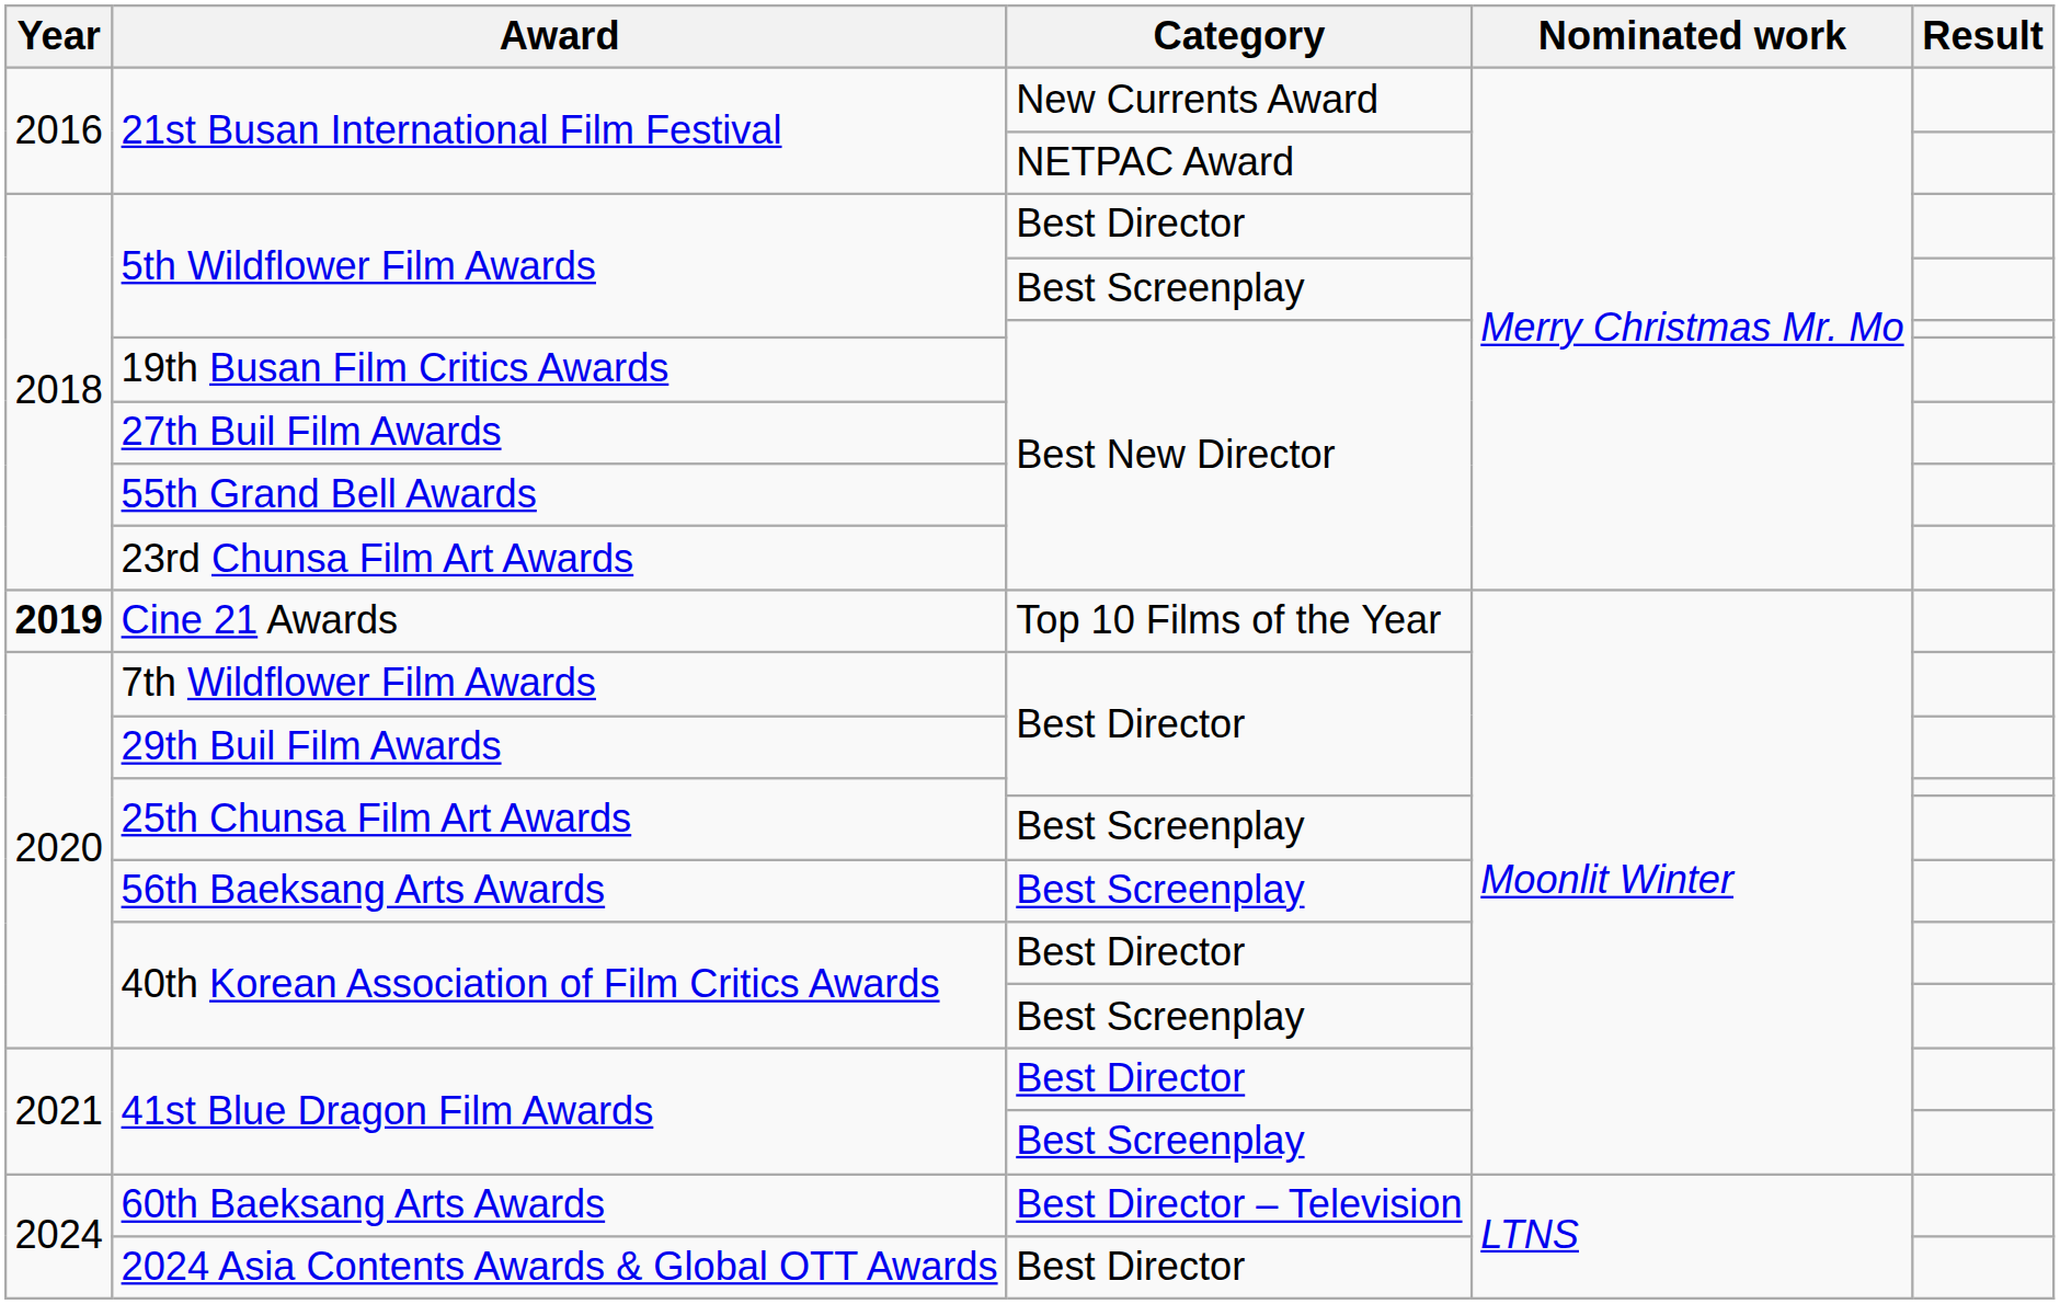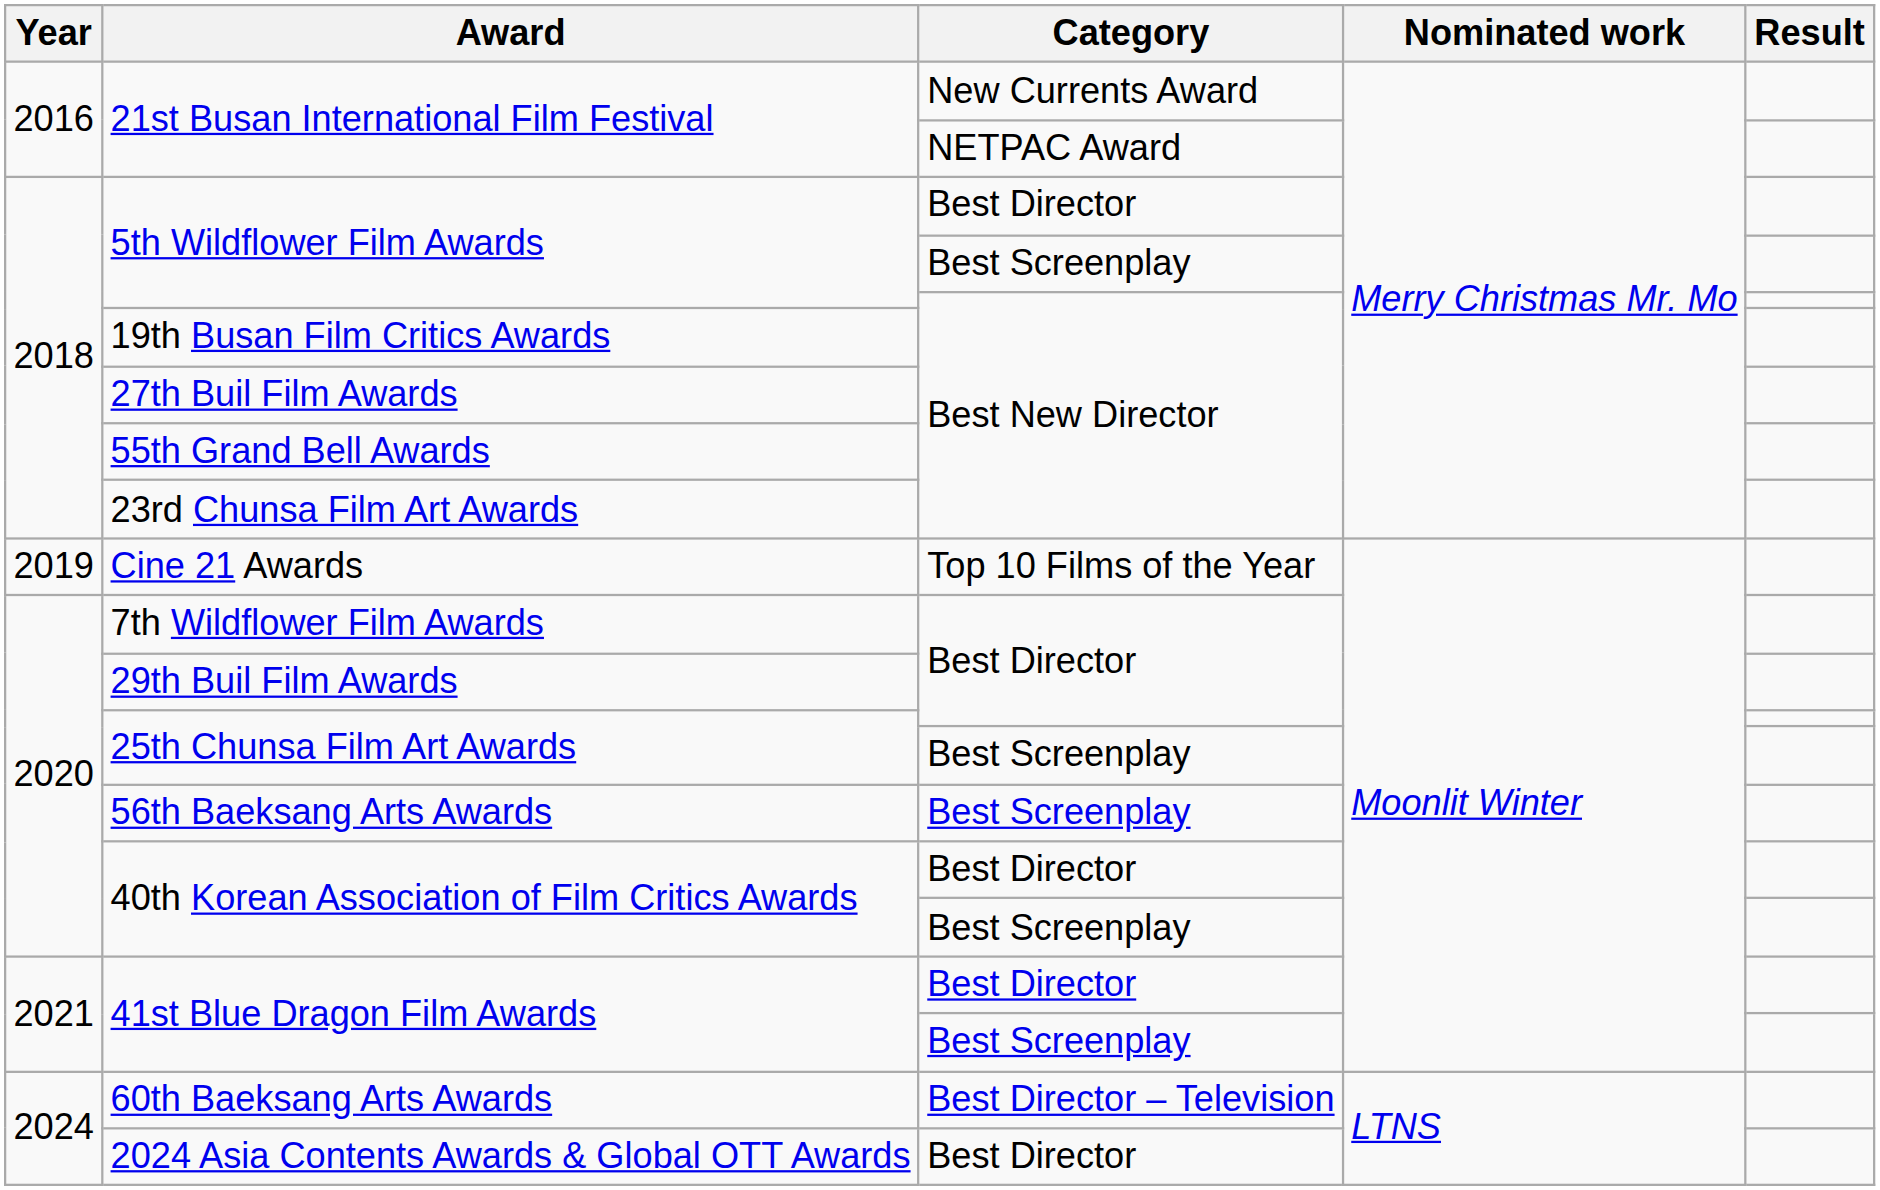 <table class="wikitable">
 <tr>
 <th>Year</th>
 <th>Award</th>
 <th>Category</th>
 <th>Nominated work</th>
 <th>Result</th>
 </tr>
 <tr>
 <td rowspan="2">2016</td>
 <td rowspan="2"><a href='#'>21st Busan International Film Festival</a></td>
 <td>New Currents Award</td>
 <td rowspan="9"><em><a href='#'>Merry Christmas Mr. Mo</a></em></td>
 <td></td>
 </tr>
 <tr>
 <td>NETPAC Award</td>
 <td></td>
 </tr>
 <tr>
 <td rowspan="7">2018</td>
 <td rowspan="3"><a href='#'>5th Wildflower Film Awards</a></td>
 <td>Best Director</td>
 <td></td>
 </tr>
 <tr>
 <td>Best Screenplay</td>
 <td></td>
 </tr>
 <tr>
 <td rowspan="5">Best New Director</td>
 <td></td>
 </tr>
 <tr>
 <td>19th <a href='#'>Busan Film Critics Awards</a></td>
 <td></td>
 </tr>
 <tr>
 <td><a href='#'>27th Buil Film Awards</a></td>
 <td></td>
 </tr>
 <tr>
 <td><a href='#'>55th Grand Bell Awards</a></td>
 <td></td>
 </tr>
 <tr>
 <td>23rd <a href='#'>Chunsa Film Art Awards</a></td>
 <td></td>
 </tr>
 <tr>
-<td><strong>2019</strong></td>
+<td>2019</td>
 <td><a href='#'>Cine 21</a> Awards</td>
 <td>Top 10 Films of the Year</td>
 <td rowspan="10"><em><a href='#'>Moonlit Winter</a></em></td>
 <td></td>
 </tr>
 <tr>
 <td rowspan="7">2020</td>
 <td>7th <a href='#'>Wildflower Film Awards</a></td>
 <td rowspan="3">Best Director</td>
 <td></td>
 </tr>
 <tr>
 <td><a href='#'>29th Buil Film Awards</a></td>
 <td></td>
 </tr>
 <tr>
 <td rowspan="2"><a href='#'>25th Chunsa Film Art Awards</a></td>
 <td></td>
 </tr>
 <tr>
 <td>Best Screenplay</td>
 <td></td>
 </tr>
 <tr>
 <td><a href='#'>56th Baeksang Arts Awards</a></td>
 <td><a href='#'>Best Screenplay</a></td>
 <td></td>
 </tr>
 <tr>
 <td rowspan="2">40th <a href='#'>Korean Association of Film Critics Awards</a></td>
 <td>Best Director</td>
 <td></td>
 </tr>
 <tr>
 <td>Best Screenplay</td>
 <td></td>
 </tr>
 <tr>
 <td rowspan="2">2021</td>
 <td rowspan="2"><a href='#'>41st Blue Dragon Film Awards</a></td>
 <td><a href='#'>Best Director</a></td>
 <td></td>
 </tr>
 <tr>
 <td><a href='#'>Best Screenplay</a></td>
 <td></td>
 </tr>
 <tr>
 <td rowspan="2">2024</td>
 <td><a href='#'>60th Baeksang Arts Awards</a></td>
 <td><a href='#'>Best Director – Television</a></td>
 <td rowspan="2"><em><a href='#'>LTNS</a></em><br></td>
 <td></td>
 </tr>
 <tr>
 <td><a href='#'>2024 Asia Contents Awards & Global OTT Awards</a></td>
 <td>Best Director</td>
 <td></td>
 </tr>
 </table>
